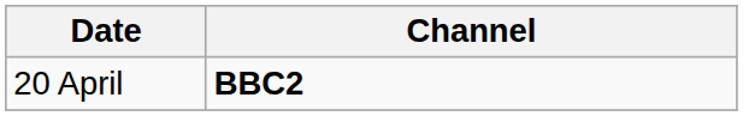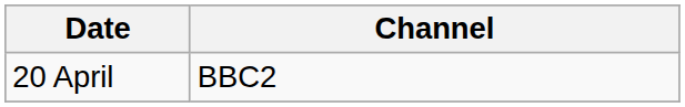 <table class="wikitable">
 <tr>
 <th width=90>Date</th>
 <th width=250>Channel</th>
 </tr>
 <tr>
 <td>20 April</td>
-<td><strong>BBC2</strong></td>
+<td>BBC2</td>
 </tr>
 </table>
